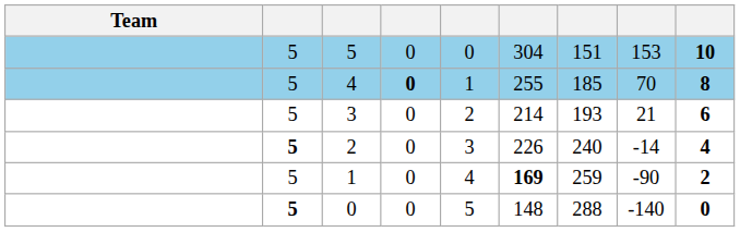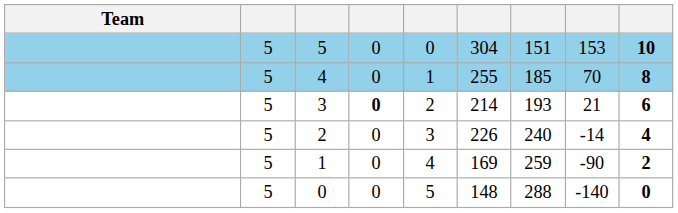 <table class=wikitable style="text-align:center">
 <tr>
 <th width=200>Team</th>
 <th width=40></th>
 <th width=40></th>
 <th width=40></th>
 <th width=40></th>
 <th width=40></th>
 <th width=40></th>
 <th width=40></th>
 <th width=40></th>
 </tr>
 <tr style="background:#93d0ea;">
 <td align=left></td>
 <td>5</td>
 <td>5</td>
 <td>0</td>
 <td>0</td>
 <td>304</td>
 <td>151</td>
 <td>153</td>
 <td><strong>10</strong></td>
 </tr>
 <tr style="background:#93d0ea;">
 <td align=left></td>
 <td>5</td>
 <td>4</td>
-<td><strong>0</strong></td>
+<td>0</td>
 <td>1</td>
 <td>255</td>
 <td>185</td>
 <td>70</td>
 <td><strong>8</strong></td>
 </tr>
 <tr style="background:white;">
 <td align=left></td>
 <td>5</td>
 <td>3</td>
-<td>0</td>
+<td><strong>0</strong></td>
 <td>2</td>
 <td>214</td>
 <td>193</td>
 <td>21</td>
 <td><strong>6</strong></td>
 </tr>
 <tr style="background:white;">
 <td align=left></td>
-<td><strong>5</strong></td>
+<td>5</td>
 <td>2</td>
 <td>0</td>
 <td>3</td>
 <td>226</td>
 <td>240</td>
 <td>-14</td>
 <td><strong>4</strong></td>
 </tr>
 <tr style="background:white;">
 <td align=left></td>
 <td>5</td>
 <td>1</td>
 <td>0</td>
 <td>4</td>
-<td><strong>169</strong></td>
+<td>169</td>
 <td>259</td>
 <td>-90</td>
 <td><strong>2</strong></td>
 </tr>
 <tr style="background:white;">
 <td align=left></td>
-<td><strong>5</strong></td>
+<td>5</td>
 <td>0</td>
 <td>0</td>
 <td>5</td>
 <td>148</td>
 <td>288</td>
 <td>-140</td>
 <td><strong>0</strong></td>
 </tr>
 </table>
